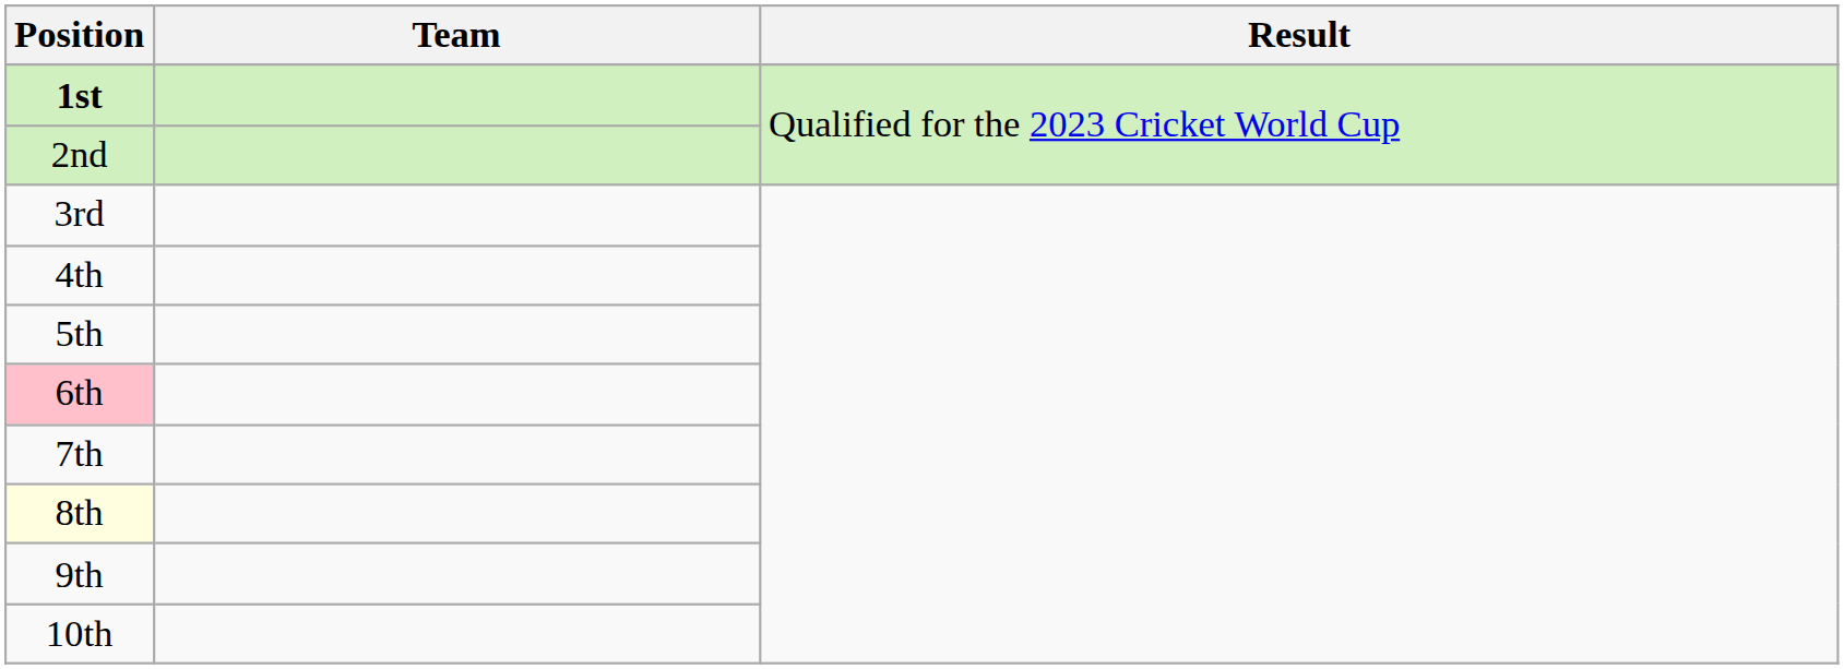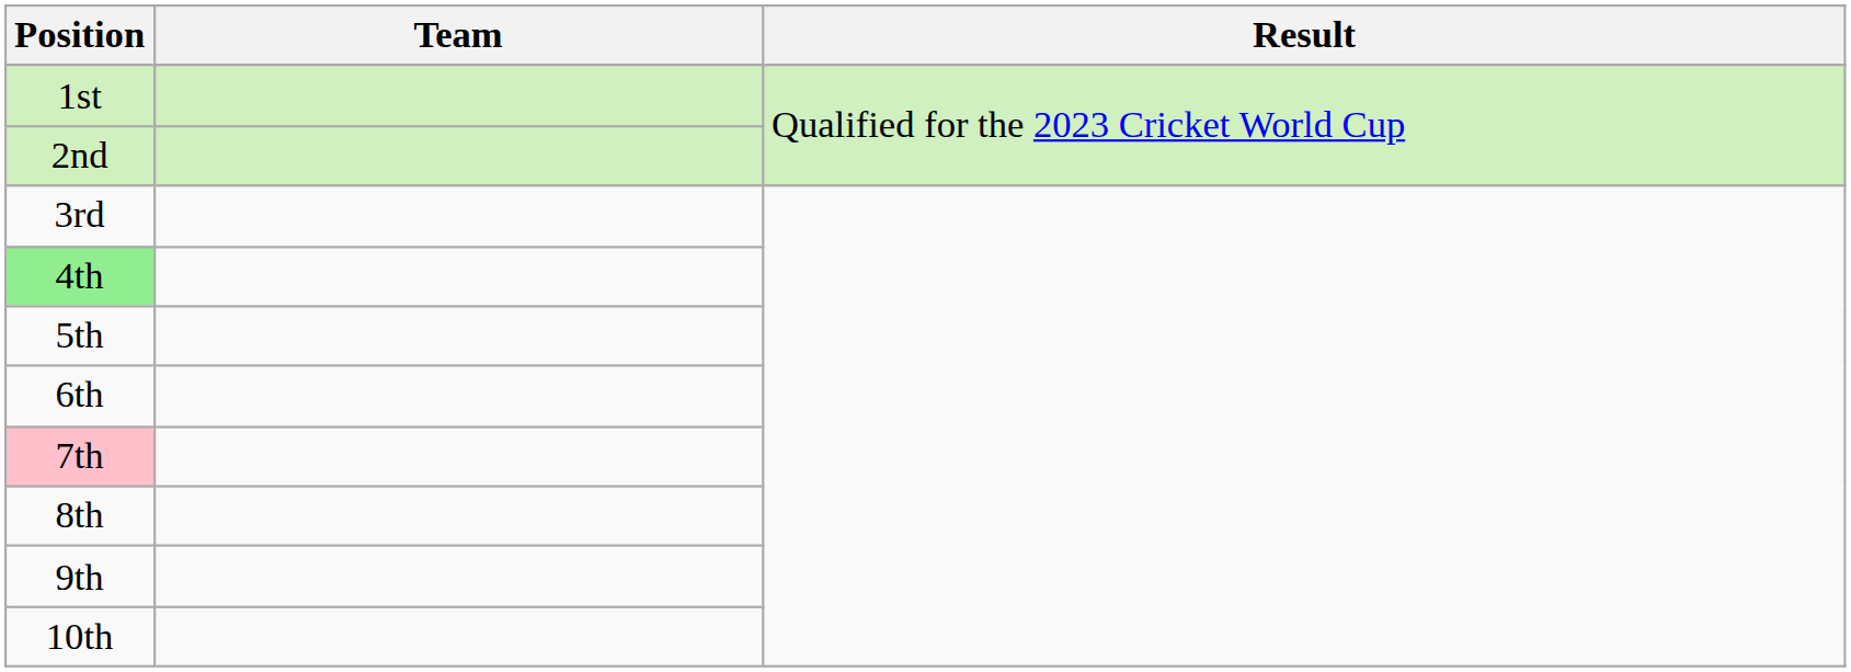 <table class="wikitable" style="text-align:left">
 <tr>
 <th style="width:50px;">Position</th>
 <th style="width:250px;">Team</th>
 <th style="width:450px;">Result</th>
 </tr>
 <tr>
 </tr>
 <tr style="background: #D0F0C0">
-<td style="text-align:center;"><strong>1st</strong></td>
+<td style="text-align:center;">1st</td>
 <td></td>
 <td rowspan=2>Qualified for the <a href='#'>2023 Cricket World Cup</a></td>
 </tr>
 <tr style="background: #D0F0C0">
 <td style="text-align:center;">2nd</td>
 <td></td>
 </tr>
 <tr>
 <td style="text-align:center;">3rd</td>
 <td></td>
 <td rowspan=8></td>
 </tr>
 <tr>
-<td style="text-align:center;">4th</td>
+<td style="background: lightgreen; text-align:center;">4th</td>
 <td></td>
 </tr>
 <tr>
 <td style="text-align:center;">5th</td>
 <td></td>
 </tr>
 <tr>
-<td style="background: pink; text-align:center;">6th</td>
+<td style="text-align:center;">6th</td>
 <td></td>
 </tr>
 <tr>
-<td style="text-align:center;">7th</td>
+<td style="background: pink; text-align:center;">7th</td>
 <td></td>
 </tr>
 <tr>
-<td style="background: lightyellow; text-align:center;">8th</td>
+<td style="text-align:center;">8th</td>
 <td></td>
 </tr>
 <tr>
 <td style="text-align:center;">9th</td>
 <td></td>
 </tr>
 <tr>
 <td style="text-align:center;">10th</td>
 <td></td>
 </tr>
 </table>
